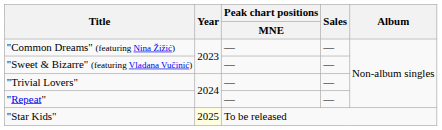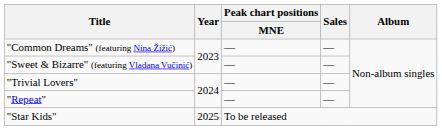 <table class="wikitable">
 <tr>
 <th rowspan="2">Title</th>
 <th rowspan="2">Year</th>
 <th>Peak chart positions</th>
 <th rowspan="2">Sales</th>
 <th rowspan="2">Album</th>
 </tr>
 <tr>
 <th>MNE</th>
 </tr>
 <tr>
 <td>"Common Dreams" <small>(featuring <a href='#'>Nina Žižić</a>)</small></td>
 <td rowspan="2">2023</td>
 <td>—</td>
 <td>—</td>
 <td rowspan="4">Non-album singles</td>
 </tr>
 <tr>
 <td>"Sweet & Bizarre" <small>(featuring <a href='#'>Vladana Vučinić</a>)</small></td>
 <td>—</td>
 <td>—</td>
 </tr>
 <tr>
 <td>"Trivial Lovers"</td>
 <td rowspan="2">2024</td>
 <td>—</td>
 <td>—</td>
 </tr>
 <tr>
 <td>"<a href='#'>Repeat</a>"</td>
 <td>—</td>
 <td>—</td>
 </tr>
 <tr>
 <td>"Star Kids"</td>
-<td style="background: lightyellow;">2025</td>
+<td>2025</td>
 <td colspan="3">To be released</td>
 </tr>
 </table>
